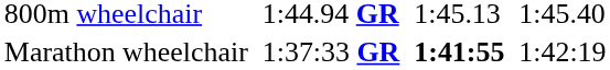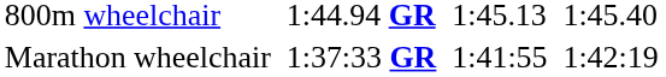 <table>
 <tr>
 <td>800m <a href='#'>wheelchair</a></td>
 <td></td>
 <td>1:44.94 <strong><a href='#'>GR</a></strong></td>
 <td></td>
 <td>1:45.13</td>
 <td></td>
 <td>1:45.40</td>
 </tr>
 <tr>
 <td>Marathon wheelchair</td>
 <td></td>
 <td>1:37:33 <strong><a href='#'>GR</a></strong></td>
 <td></td>
-<td><strong>1:41:55</strong></td>
+<td>1:41:55</td>
 <td></td>
 <td>1:42:19</td>
 </tr>
 <tr>
 </tr>
 </table>
